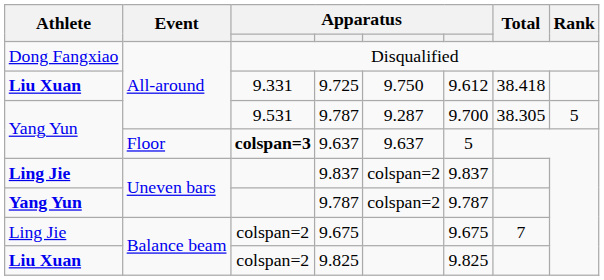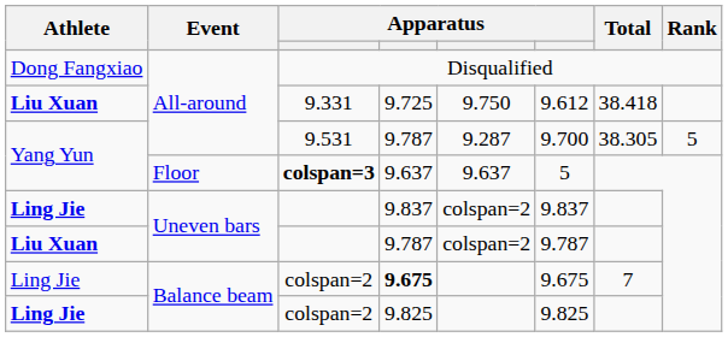 <table class=wikitable style=font-size:90%;text-align:center>
 <tr>
 <th rowspan=2>Athlete</th>
 <th rowspan=2>Event</th>
 <th colspan =4>Apparatus</th>
 <th rowspan=2>Total</th>
 <th rowspan=2>Rank</th>
 </tr>
 <tr style="font-size:95%">
 <th></th>
 <th></th>
 <th></th>
 <th></th>
 </tr>
 <tr>
 <td align=left><a href='#'>Dong Fangxiao</a></td>
 <td align=left rowspan=3><a href='#'>All-around</a></td>
 <td colspan=6>Disqualified</td>
 </tr>
 <tr>
 <td align=left><strong><a href='#'>Liu Xuan</a></strong></td>
 <td>9.331</td>
 <td>9.725</td>
 <td>9.750</td>
 <td>9.612</td>
 <td>38.418</td>
 <td></td>
 </tr>
 <tr>
 <td align=left rowspan=2><a href='#'>Yang Yun</a></td>
 <td>9.531</td>
 <td>9.787</td>
 <td>9.287</td>
 <td>9.700</td>
 <td>38.305</td>
 <td>5</td>
 </tr>
 <tr>
 <td align=left><a href='#'>Floor</a></td>
 <td><strong>colspan=3 </strong></td>
 <td>9.637</td>
 <td>9.637</td>
 <td>5</td>
 </tr>
 <tr>
 <td align=left><strong><a href='#'>Ling Jie</a></strong></td>
 <td align=left rowspan=2><a href='#'>Uneven bars</a></td>
 <td></td>
 <td>9.837</td>
 <td>colspan=2 </td>
 <td>9.837</td>
 <td></td>
 </tr>
 <tr>
-<td align=left><strong><a href='#'>Yang Yun</a></strong></td>
+<td align=left><strong><a href='#'>Liu Xuan</a></strong></td>
 <td></td>
 <td>9.787</td>
 <td>colspan=2 </td>
 <td>9.787</td>
 <td></td>
 </tr>
 <tr>
 <td align=left><a href='#'>Ling Jie</a></td>
 <td align=left rowspan=2><a href='#'>Balance beam</a></td>
 <td>colspan=2 </td>
-<td>9.675</td>
+<td><strong>9.675</strong></td>
 <td></td>
 <td>9.675</td>
 <td>7</td>
 </tr>
 <tr>
-<td align=left><strong><a href='#'>Liu Xuan</a></strong></td>
+<td align=left><strong><a href='#'>Ling Jie</a></strong></td>
 <td>colspan=2 </td>
 <td>9.825</td>
 <td></td>
 <td>9.825</td>
 <td></td>
 </tr>
 </table>
